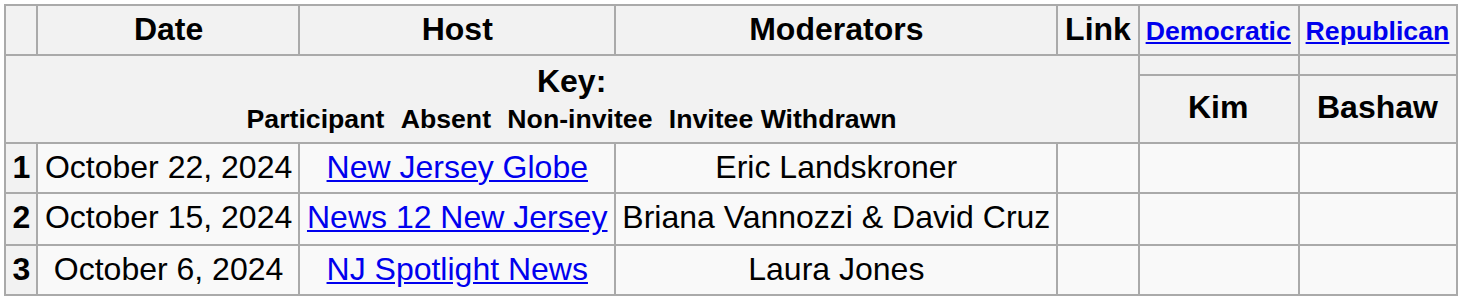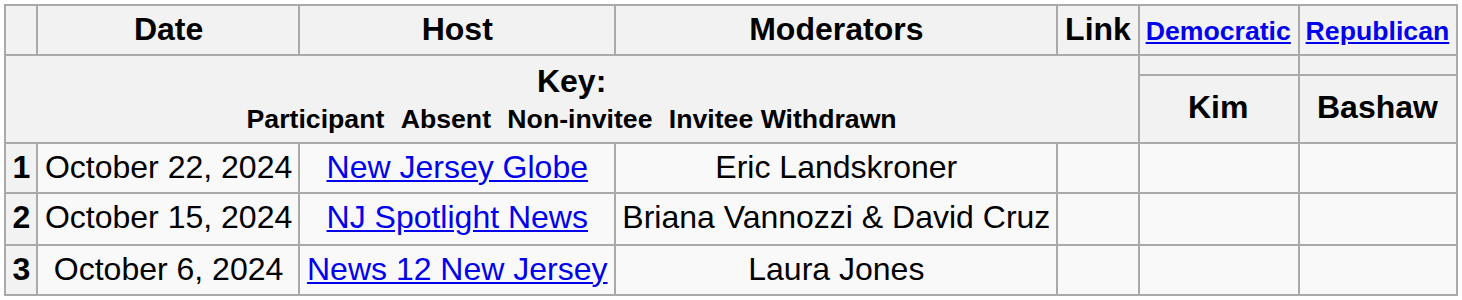 <table class="wikitable" style="text-align:center;">
 <tr>
 <th scope="col"></th>
 <th scope="col">Date</th>
 <th scope="col">Host</th>
 <th scope="col">Moderators</th>
 <th scope="col">Link</th>
 <th scope="col"><small><a href='#'>Democratic</a></small></th>
 <th scope="col"><small><a href='#'>Republican</a></small></th>
 </tr>
 <tr>
 <th colspan="5" rowspan="2">Key:<br> <small>Participant </small>  <small>Absent </small>  <small>Non-invitee </small>  <small>Invitee  Withdrawn</small></th>
 <th scope="col" style="background:"></th>
 <th scope="col" style="background:"></th>
 </tr>
 <tr>
 <th scope="col">Kim</th>
 <th scope="col">Bashaw</th>
 </tr>
 <tr>
 <th scope="row">1</th>
 <td style="white-space:nowrap;">October 22, 2024</td>
 <td style="white-space:nowrap;"><a href='#'>New Jersey Globe</a></td>
 <td style="white-space:nowrap;">Eric Landskroner</td>
 <td style="white-space:nowrap;"></td>
 <td></td>
 <td></td>
 </tr>
 <tr>
 <th scope="row">2</th>
 <td style="white-space:nowrap;">October 15, 2024</td>
-<td style="white-space:nowrap;"><a href='#'>News 12 New Jersey</a></td>
+<td style="white-space:nowrap;"><a href='#'>NJ Spotlight News</a></td>
 <td style="white-space:nowrap;">Briana Vannozzi & David Cruz</td>
 <td style="white-space:nowrap;"></td>
 <td></td>
 <td></td>
 </tr>
 <tr>
 <th scope="row">3</th>
 <td style="white-space:nowrap;">October 6, 2024</td>
-<td style="white-space:nowrap;"><a href='#'>NJ Spotlight News</a></td>
+<td style="white-space:nowrap;"><a href='#'>News 12 New Jersey</a></td>
 <td style="white-space:nowrap;">Laura Jones</td>
 <td style="white-space:nowrap;"></td>
 <td></td>
 <td></td>
 </tr>
 </table>
